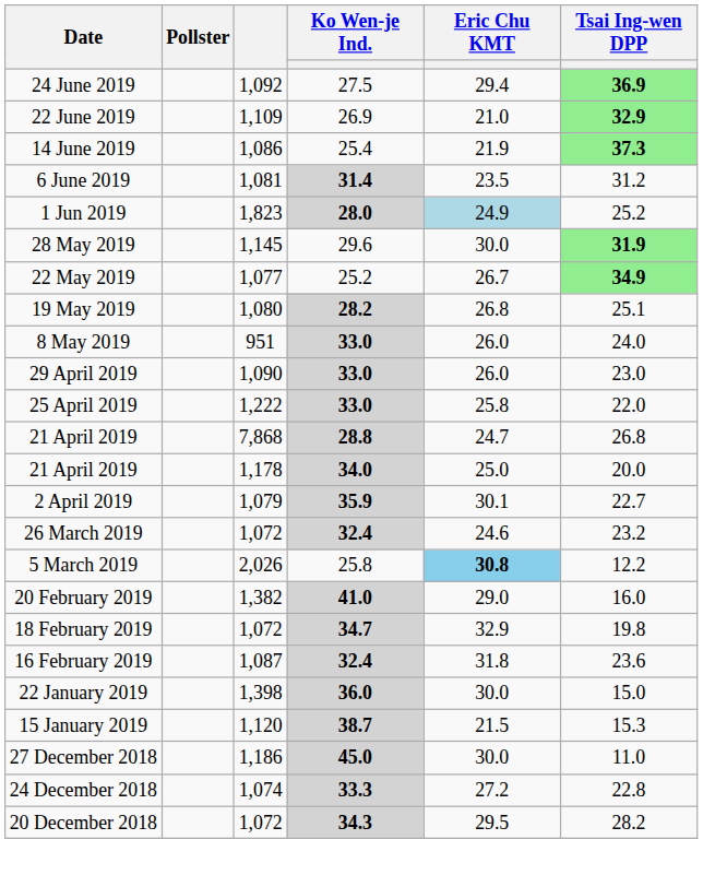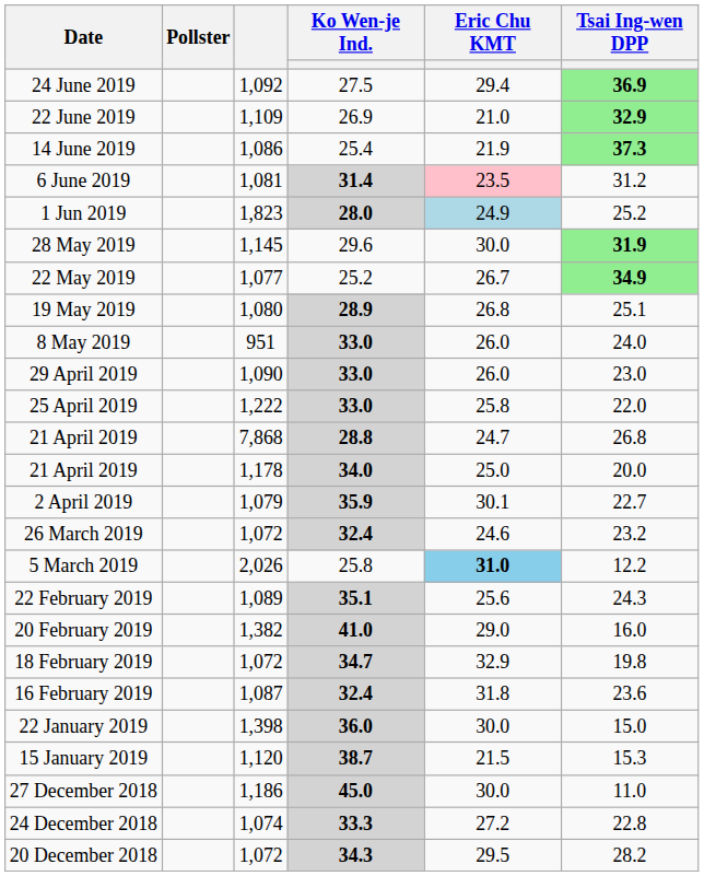 <table class="wikitable sortable collapsible" style="font-size:95%; text-align:center">
 <tr>
 <th rowspan=2>Date</th>
 <th rowspan=2>Pollster</th>
 <th rowspan=2></th>
 <th width=100px><a href='#'>Ko Wen-je</a><br><a href='#'>Ind.</a></th>
 <th width=100px><a href='#'>Eric Chu</a><br><a href='#'>KMT</a></th>
 <th width=100px><a href='#'>Tsai Ing-wen</a><br><a href='#'>DPP</a></th>
 </tr>
 <tr>
 <th style="background:"></th>
 <th style="background:"></th>
 <th style="background:"></th>
 </tr>
 <tr>
 <td>24 June 2019</td>
 <td></td>
 <td>1,092</td>
 <td>27.5</td>
 <td>29.4</td>
 <td bgcolor="#90ee90"><strong>36.9</strong></td>
 </tr>
 <tr>
 <td>22 June 2019</td>
 <td></td>
 <td>1,109</td>
 <td>26.9</td>
 <td>21.0</td>
 <td bgcolor="#90ee90"><strong>32.9</strong></td>
 </tr>
 <tr>
 <td>14 June 2019</td>
 <td></td>
 <td>1,086</td>
 <td>25.4</td>
 <td>21.9</td>
 <td bgcolor="#90ee90"><strong>37.3</strong></td>
 </tr>
 <tr>
 <td>6 June 2019</td>
 <td></td>
 <td>1,081</td>
 <td style="background-color:lightgrey;"><strong>31.4</strong></td>
-<td>23.5</td>
+<td style="background: pink;">23.5</td>
 <td>31.2</td>
 </tr>
 <tr>
 <td>1 Jun 2019</td>
 <td></td>
 <td>1,823</td>
 <td style="background-color:lightgrey;"><strong>28.0</strong></td>
 <td style="background: lightblue;">24.9</td>
 <td>25.2</td>
 </tr>
 <tr>
 <td>28 May 2019</td>
 <td></td>
 <td>1,145</td>
 <td>29.6</td>
 <td>30.0</td>
 <td bgcolor="#90ee90"><strong>31.9</strong></td>
 </tr>
 <tr>
 <td>22 May 2019</td>
 <td></td>
 <td>1,077</td>
 <td>25.2</td>
 <td>26.7</td>
 <td bgcolor="#90ee90"><strong>34.9</strong></td>
 </tr>
 <tr>
 <td>19 May 2019</td>
 <td></td>
 <td>1,080</td>
-<td style="background-color:lightgrey;"><strong>28.2</strong></td>
+<td style="background-color:lightgrey;"><strong>28.9</strong></td>
 <td>26.8</td>
 <td>25.1</td>
 </tr>
 <tr>
 <td>8 May 2019</td>
 <td></td>
 <td>951</td>
 <td style="background-color:lightgrey;"><strong>33.0</strong></td>
 <td>26.0</td>
 <td>24.0</td>
 </tr>
 <tr>
 <td>29 April 2019</td>
 <td></td>
 <td>1,090</td>
 <td style="background-color:lightgrey;"><strong>33.0</strong></td>
 <td>26.0</td>
 <td>23.0</td>
 </tr>
 <tr>
 <td>25 April 2019</td>
 <td></td>
 <td>1,222</td>
 <td style="background-color:lightgrey;"><strong>33.0</strong></td>
 <td>25.8</td>
 <td>22.0</td>
 </tr>
 <tr>
 <td>21 April 2019</td>
 <td></td>
 <td>7,868</td>
 <td style="background-color:lightgrey;"><strong>28.8</strong></td>
 <td>24.7</td>
 <td>26.8</td>
 </tr>
 <tr>
 <td>21 April 2019</td>
 <td></td>
 <td>1,178</td>
 <td style="background-color:lightgrey;"><strong>34.0</strong></td>
 <td>25.0</td>
 <td>20.0</td>
 </tr>
 <tr>
 <td>2 April 2019</td>
 <td></td>
 <td>1,079</td>
 <td style="background-color:lightgrey;"><strong>35.9</strong></td>
 <td>30.1</td>
 <td>22.7</td>
 </tr>
 <tr>
 <td>26 March 2019</td>
 <td></td>
 <td>1,072</td>
 <td style="background-color:lightgrey;"><strong>32.4</strong></td>
 <td>24.6</td>
 <td>23.2</td>
 </tr>
 <tr>
 <td>5 March 2019</td>
 <td></td>
 <td>2,026</td>
 <td>25.8</td>
-<td style="background-color:skyblue;"><strong>30.8</strong></td>
+<td style="background-color:skyblue;"><strong>31.0</strong></td>
 <td>12.2</td>
+</tr>
+<tr>
+<td>22 February 2019</td>
+<td></td>
+<td>1,089</td>
+<td style="background-color:lightgrey;"><strong>35.1</strong></td>
+<td>25.6</td>
+<td>24.3</td>
 </tr>
 <tr>
 <td>20 February 2019</td>
 <td></td>
 <td>1,382</td>
 <td style="background-color:lightgrey;"><strong>41.0</strong></td>
 <td>29.0</td>
 <td>16.0</td>
 </tr>
 <tr>
 <td>18 February 2019</td>
 <td></td>
 <td>1,072</td>
 <td style="background-color:lightgrey;"><strong>34.7</strong></td>
 <td>32.9</td>
 <td>19.8</td>
 </tr>
 <tr>
 <td>16 February 2019</td>
 <td></td>
 <td>1,087</td>
 <td style="background-color:lightgrey;"><strong>32.4</strong></td>
 <td>31.8</td>
 <td>23.6</td>
 </tr>
 <tr>
 <td>22 January 2019</td>
 <td></td>
 <td>1,398</td>
 <td style="background-color:lightgrey;"><strong>36.0</strong></td>
 <td>30.0</td>
 <td>15.0</td>
 </tr>
 <tr>
 <td>15 January 2019</td>
 <td></td>
 <td>1,120</td>
 <td style="background-color:lightgrey;"><strong>38.7</strong></td>
 <td>21.5</td>
 <td>15.3</td>
 </tr>
 <tr>
 <td>27 December 2018</td>
 <td></td>
 <td>1,186</td>
 <td style="background-color:lightgrey;"><strong>45.0</strong></td>
 <td>30.0</td>
 <td>11.0</td>
 </tr>
 <tr>
 <td>24 December 2018</td>
 <td></td>
 <td>1,074</td>
 <td style="background-color:lightgrey;"><strong>33.3</strong></td>
 <td>27.2</td>
 <td>22.8</td>
 </tr>
 <tr>
 <td>20 December 2018</td>
 <td></td>
 <td>1,072</td>
 <td style="background-color:lightgrey;"><strong>34.3</strong></td>
 <td>29.5</td>
 <td>28.2</td>
 </tr>
 <tr>
 </tr>
 </table>
